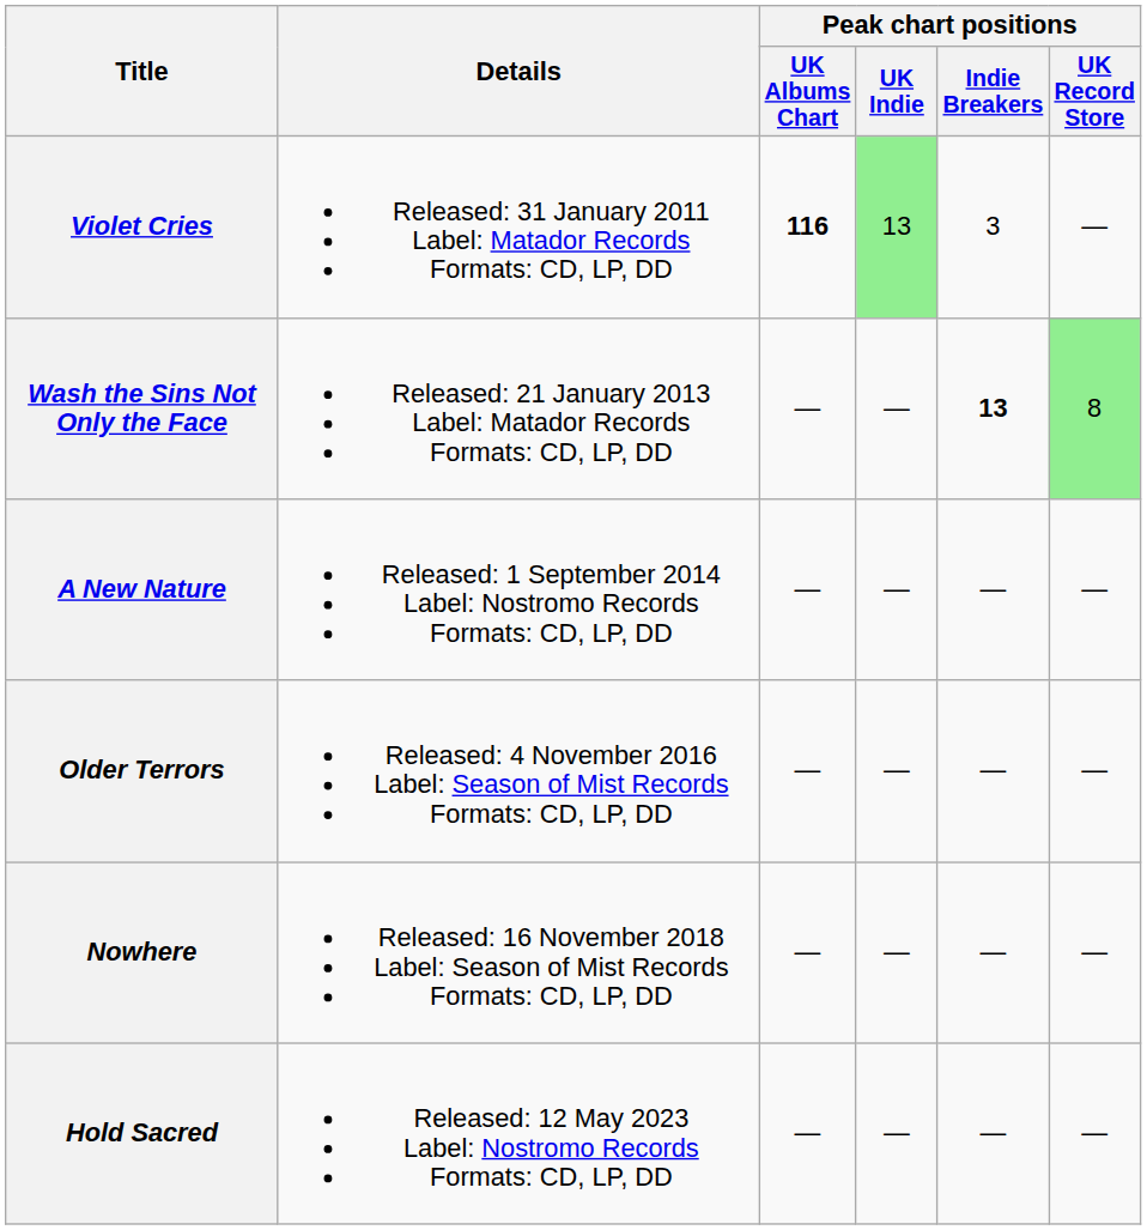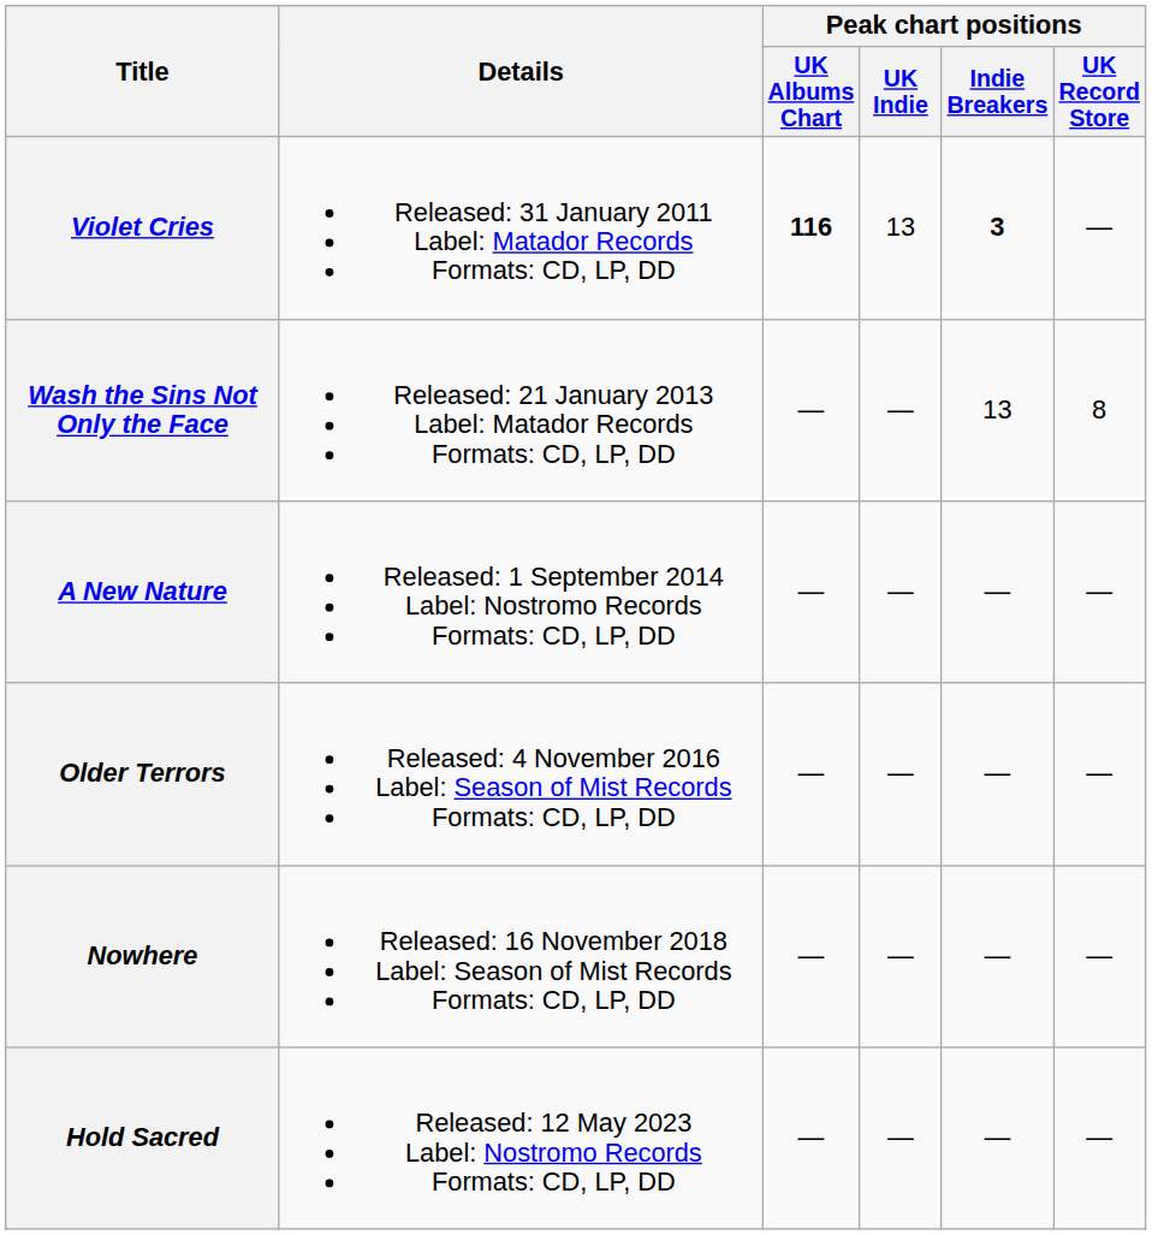 <table class="wikitable plainrowheaders" style="text-align:center;">
 <tr>
 <th scope="col" rowspan="2" style="width:10em;">Title</th>
 <th scope="col" rowspan="2" style="width:18em;">Details</th>
 <th scope="col" colspan="10">Peak chart positions</th>
 </tr>
 <tr>
 <th scope="col" style="width:3em;font-size:90%;"><a href='#'>UK Albums Chart</a></th>
 <th scope="col" style="width:3em;font-size:90%;"><a href='#'>UK Indie</a></th>
 <th scope="col" style="width:3em;font-size:90%;"><a href='#'>Indie Breakers</a></th>
 <th scope="col" style="width:3em;font-size:90%;"><a href='#'>UK Record Store</a></th>
 </tr>
 <tr>
 <th scope="row"><em><a href='#'>Violet Cries</a></em></th>
 <td><br><ul><li>Released: 31 January 2011</li><li>Label: <a href='#'>Matador Records</a></li><li>Formats: CD, LP, DD</li></ul></td>
 <td><strong>116</strong></td>
-<td style="background: lightgreen;">13</td>
-<td>3</td>
+<td>13</td>
+<td><strong>3</strong></td>
 <td>—</td>
 </tr>
 <tr>
 <th scope="row"><em><a href='#'>Wash the Sins Not Only the Face</a></em></th>
 <td><br><ul><li>Released: 21 January 2013</li><li>Label: Matador Records</li><li>Formats: CD, LP, DD</li></ul></td>
 <td>—</td>
 <td>—</td>
-<td><strong>13</strong></td>
-<td style="background: lightgreen;">8</td>
+<td>13</td>
+<td>8</td>
 </tr>
 <tr>
 <th scope="row"><em><a href='#'>A New Nature</a></em></th>
 <td><br><ul><li>Released: 1 September 2014</li><li>Label: Nostromo Records</li><li>Formats: CD, LP, DD</li></ul></td>
 <td>—</td>
 <td>—</td>
 <td>—</td>
 <td>—</td>
 </tr>
 <tr>
 <th scope="row"><em>Older Terrors</em></th>
 <td><br><ul><li>Released: 4 November 2016</li><li>Label: <a href='#'>Season of Mist Records</a></li><li>Formats: CD, LP, DD</li></ul></td>
 <td>—</td>
 <td>—</td>
 <td>—</td>
 <td>—</td>
 </tr>
 <tr>
 <th scope="row"><em>Nowhere</em></th>
 <td><br><ul><li>Released: 16 November 2018</li><li>Label: Season of Mist Records</li><li>Formats: CD, LP, DD</li></ul></td>
 <td>—</td>
 <td>—</td>
 <td>—</td>
 <td>—</td>
 </tr>
 <tr>
 <th scope="row"><em>Hold Sacred</em></th>
 <td><br><ul><li>Released: 12 May 2023</li><li>Label: <a href='#'>Nostromo Records</a></li><li>Formats: CD, LP, DD</li></ul></td>
 <td>—</td>
 <td>—</td>
 <td>—</td>
 <td>—</td>
 </tr>
 </table>
